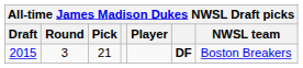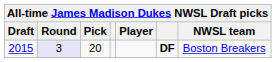 <table class="wikitable sortable" style="text-align: center;">
 <tr>
 <th colspan="7" style="background:#">All-time <a href='#'><span>James Madison Dukes</span></a> NWSL Draft picks</th>
 </tr>
 <tr>
 <th scope="col">Draft</th>
 <th scope="col">Round</th>
 <th scope="col">Pick</th>
 <th scope="col"></th>
 <th scope="col">Player</th>
 <th scope="col"></th>
 <th scope="col">NWSL team</th>
 </tr>
 <tr>
 <td><a href='#'>2015</a></td>
-<td>3</td>
-<td>21</td>
+<td style="background: lavender;">3</td>
+<td>20</td>
 <td></td>
 <td></td>
 <td><strong>DF</strong></td>
 <td><a href='#'>Boston Breakers</a></td>
 </tr>
 </table>
